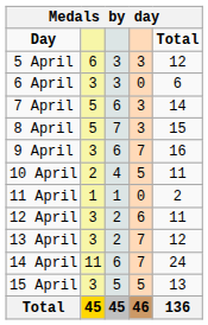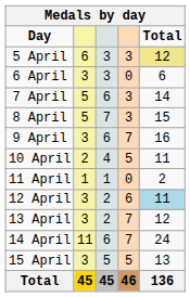 <table class="wikitable" style="font-size:85%;float:right;text-align:center">
 <tr>
 <th colspan=5>Medals by day</th>
 </tr>
 <tr align=center>
 <td><strong>Day</strong></td>
 <td bgcolor=#f7f6a8></td>
 <td bgcolor=#dce5e5></td>
 <td bgcolor=#ffdab9></td>
 <td><strong>Total</strong></td>
 </tr>
 <tr align=centre>
 <td>5 April</td>
 <td bgcolor=#f7f6a8>6</td>
 <td bgcolor=#dce5e5>3</td>
 <td bgcolor=#ffdab9>3</td>
-<td>12</td>
+<td style="background: khaki;">12</td>
 </tr>
 <tr align=center>
 <td>6 April</td>
 <td bgcolor=#f7f6a8>3</td>
 <td bgcolor=#dce5e5>3</td>
 <td bgcolor=#ffdab9>0</td>
 <td>6</td>
 </tr>
 <tr align=center>
 <td>7 April</td>
 <td bgcolor=#f7f6a8>5</td>
 <td bgcolor=#dce5e5>6</td>
 <td bgcolor=#ffdab9>3</td>
 <td>14</td>
 </tr>
 <tr align=center>
 <td>8 April</td>
 <td bgcolor=#f7f6a8>5</td>
 <td bgcolor=#dce5e5>7</td>
 <td bgcolor=#ffdab9>3</td>
 <td>15</td>
 </tr>
 <tr align=center>
 <td>9 April</td>
 <td bgcolor=#f7f6a8>3</td>
 <td bgcolor=#dce5e5>6</td>
 <td bgcolor=#ffdab9>7</td>
 <td>16</td>
 </tr>
 <tr align=center>
 <td>10 April</td>
 <td bgcolor=#f7f6a8>2</td>
 <td bgcolor=#dce5e5>4</td>
 <td bgcolor=#ffdab9>5</td>
 <td>11</td>
 </tr>
 <tr align=center>
 <td>11 April</td>
 <td bgcolor=#f7f6a8>1</td>
 <td bgcolor=#dce5e5>1</td>
 <td bgcolor=#ffdab9>0</td>
 <td>2</td>
 </tr>
 <tr align=center>
 <td>12 April</td>
 <td bgcolor=#f7f6a8>3</td>
 <td bgcolor=#dce5e5>2</td>
 <td bgcolor=#ffdab9>6</td>
-<td>11</td>
+<td style="background: lightblue;">11</td>
 </tr>
 <tr align=center>
 <td>13 April</td>
 <td bgcolor=#f7f6a8>3</td>
 <td bgcolor=#dce5e5>2</td>
 <td bgcolor=#ffdab9>7</td>
 <td>12</td>
 </tr>
 <tr align=center>
 <td>14 April</td>
 <td bgcolor=#f7f6a8>11</td>
 <td bgcolor=#dce5e5>6</td>
 <td bgcolor=#ffdab9>7</td>
 <td>24</td>
 </tr>
 <tr align=center>
 <td>15 April</td>
 <td bgcolor=#f7f6a8>3</td>
 <td bgcolor=#dce5e5>5</td>
 <td bgcolor=#ffdab9>5</td>
 <td>13</td>
 </tr>
 <tr align=center>
 <th bgcolor=#efefef>Total</th>
 <th style="background:gold;">45</th>
 <th style="background:silver;">45</th>
 <th style="background:#c96;">46</th>
 <th>136</th>
 </tr>
 </table>
